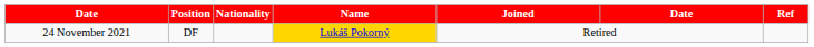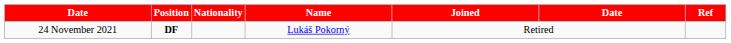 <table class="wikitable"  style="text-align:center; font-size:90%; ">
 <tr>
 <th style="background:#ff0000; color:white; width:200px;">Date</th>
 <th style="background:#ff0000; color:white; width:50px;">Position</th>
 <th style="background:#ff0000; color:white; width:50px;">Nationality</th>
 <th style="background:#ff0000; color:white; width:200px;">Name</th>
 <th style="background:#ff0000; color:white; width:200px;">Joined</th>
 <th style="background:#ff0000; color:white; width:200px;">Date</th>
 <th style="background:#ff0000; color:white; width:50px;">Ref</th>
 </tr>
 <tr>
 <td>24 November 2021</td>
-<td>DF</td>
+<td><strong>DF</strong></td>
 <td></td>
-<td style="background: gold;"><a href='#'>Lukáš Pokorný</a></td>
+<td><a href='#'>Lukáš Pokorný</a></td>
 <td colspan="2">Retired</td>
 <td></td>
 </tr>
 </table>
